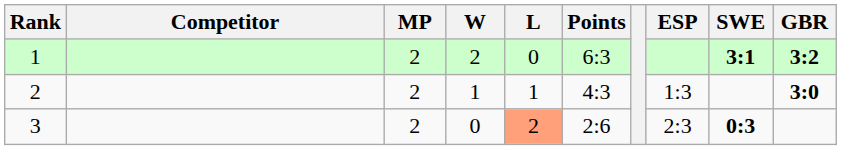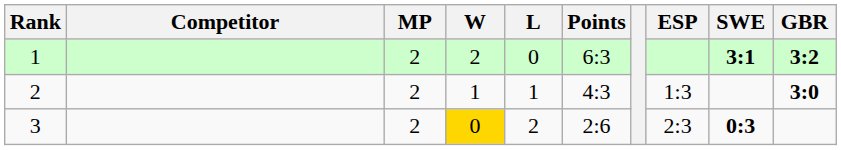 <table class="wikitable" style="text-align:center">
 <tr>
 <th>Rank</th>
 <th style="width:16em">Competitor</th>
 <th style="width:2.5em">MP</th>
 <th style="width:2.5em">W</th>
 <th style="width:2.5em">L</th>
 <th>Points</th>
 <th rowspan="4"> </th>
 <th style="width:2.5em">ESP</th>
 <th style="width:2.5em">SWE</th>
 <th style="width:2.5em">GBR</th>
 </tr>
 <tr style="background:#cfc;">
 <td>1</td>
 <td style="text-align:left"></td>
 <td>2</td>
 <td>2</td>
 <td>0</td>
 <td>6:3</td>
 <td></td>
 <td><strong>3:1</strong></td>
 <td><strong>3:2</strong></td>
 </tr>
 <tr>
 <td>2</td>
 <td style="text-align:left"></td>
 <td>2</td>
 <td>1</td>
 <td>1</td>
 <td>4:3</td>
 <td>1:3</td>
 <td></td>
 <td><strong>3:0</strong></td>
 </tr>
 <tr>
 <td>3</td>
 <td style="text-align:left"></td>
 <td>2</td>
-<td>0</td>
-<td style="background: lightsalmon;">2</td>
+<td style="background: gold;">0</td>
+<td>2</td>
 <td>2:6</td>
 <td>2:3</td>
 <td><strong>0:3</strong></td>
 <td></td>
 </tr>
 </table>
